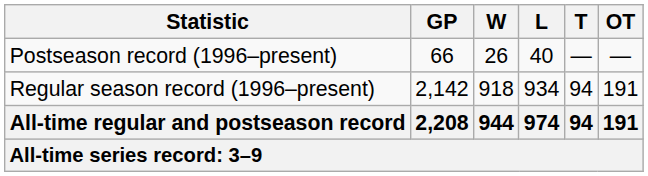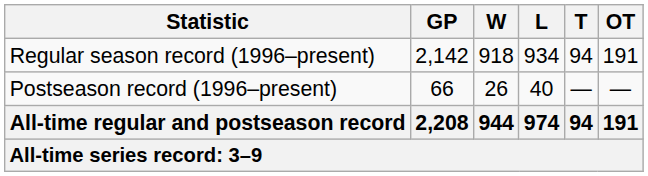 <table class="wikitable" style="text-align:center; font-size:95%">
 <tr>
 <th>Statistic</th>
 <th>GP</th>
 <th>W</th>
 <th>L</th>
 <th>T</th>
 <th>OT</th>
 </tr>
 <tr>
+<td style="text-align:left;">Regular season record (1996–present)</td>
+<td>2,142</td>
+<td>918</td>
+<td>934</td>
+<td>94</td>
+<td>191</td>
+</tr>
+<tr>
 <td style="text-align:left;">Postseason record (1996–present)</td>
 <td>66</td>
 <td>26</td>
 <td>40</td>
 <td>—</td>
 <td>—</td>
-</tr>
-<tr>
-<td style="text-align:left;">Regular season record (1996–present)</td>
-<td>2,142</td>
-<td>918</td>
-<td>934</td>
-<td>94</td>
-<td>191</td>
 </tr>
 <tr>
 <th style="text-align:left;">All-time regular and postseason record</th>
 <th>2,208</th>
 <th>944</th>
 <th>974</th>
 <th>94</th>
 <th>191</th>
 </tr>
 <tr>
 <th colspan="6" style="text-align:left; font-size:95%">All-time series record: 3–9</th>
 </tr>
 </table>
